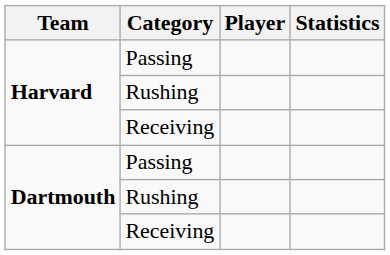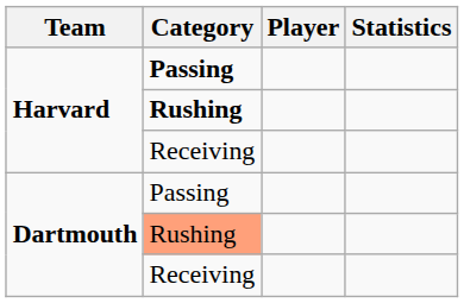 <table class="wikitable" style="float: right;">
 <tr>
 <th>Team</th>
 <th>Category</th>
 <th>Player</th>
 <th>Statistics</th>
 </tr>
 <tr>
 <td rowspan=3><strong>Harvard</strong></td>
-<td>Passing</td>
+<td><strong>Passing</strong></td>
 <td></td>
 <td></td>
 </tr>
 <tr>
-<td>Rushing</td>
+<td><strong>Rushing</strong></td>
 <td></td>
 <td></td>
 </tr>
 <tr>
 <td>Receiving</td>
 <td></td>
 <td></td>
 </tr>
 <tr>
 <td rowspan=3><strong>Dartmouth</strong></td>
 <td>Passing</td>
 <td></td>
 <td></td>
 </tr>
 <tr>
-<td>Rushing</td>
+<td style="background: lightsalmon;">Rushing</td>
 <td></td>
 <td></td>
 </tr>
 <tr>
 <td>Receiving</td>
 <td></td>
 <td></td>
 </tr>
 </table>
